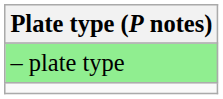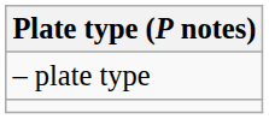 <table class="wikitable" style="border:1">
 <tr>
 <th>Plate type (<em>P</em> notes)</th>
 </tr>
 <tr>
-<td style="background: lightgreen;"> – plate type</td>
+<td> – plate type</td>
 </tr>
 <tr>
 <td></td>
 </tr>
 </table>
